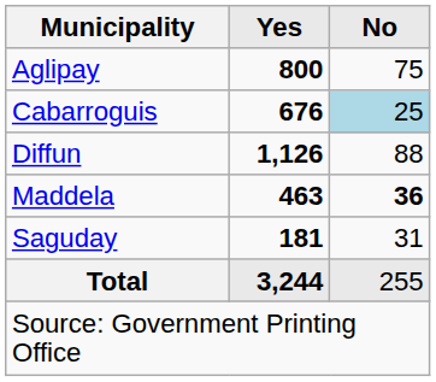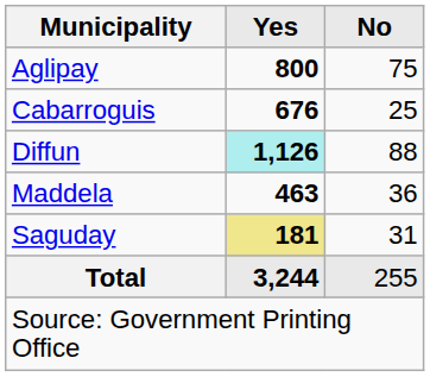 <table class="wikitable" style="text-align:right; font-size:95%">
 <tr>
 <th width="120px" align="left">Municipality</th>
 <th width="50px" align="center" style="background: #E9E9E9">Yes</th>
 <th width="50px" align="center" style="background: #E9E9E9">No</th>
 </tr>
 <tr>
 <td align="left"><a href='#'>Aglipay</a></td>
 <td><strong>800</strong></td>
 <td>75</td>
 </tr>
 <tr>
 <td align="left"><a href='#'>Cabarroguis</a></td>
 <td><strong>676</strong></td>
-<td style="background: lightblue;">25</td>
+<td>25</td>
 </tr>
 <tr>
 <td align="left"><a href='#'>Diffun</a></td>
-<td><strong>1,126</strong></td>
+<td style="background: paleturquoise;"><strong>1,126</strong></td>
 <td>88</td>
 </tr>
 <tr>
 <td align="left"><a href='#'>Maddela</a></td>
 <td><strong>463</strong></td>
-<td><strong>36</strong></td>
+<td>36</td>
 </tr>
 <tr>
 <td align="left"><a href='#'>Saguday</a></td>
-<td><strong>181</strong></td>
+<td style="background: khaki;"><strong>181</strong></td>
 <td>31</td>
 </tr>
 <tr style="background:#E9E9E9">
 <th align="left"><strong>Total</strong></th>
 <td><strong>3,244</strong></td>
 <td>255</td>
 </tr>
 <tr>
 <td colspan="3" align="left">Source: Government Printing Office</td>
 </tr>
 </table>
